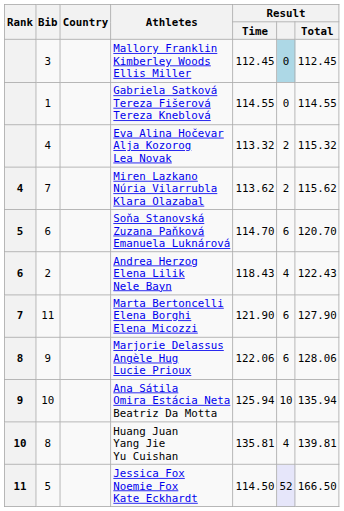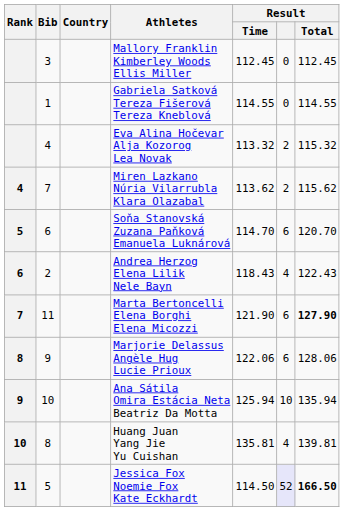 <table class="wikitable" style="text-align:center">
 <tr>
 <th rowspan=2>Rank</th>
 <th rowspan=2>Bib</th>
 <th rowspan=2>Country</th>
 <th rowspan=2>Athletes</th>
 <th colspan=3>Result</th>
 </tr>
 <tr>
 <th>Time</th>
 <th></th>
 <th>Total</th>
 </tr>
 <tr>
 <th></th>
 <td>3</td>
 <td align=left></td>
 <td align=left><a href='#'>Mallory Franklin</a><br><a href='#'>Kimberley Woods</a><br><a href='#'>Ellis Miller</a></td>
 <td>112.45</td>
-<td style="background: lightblue;">0</td>
+<td>0</td>
 <td>112.45</td>
 </tr>
 <tr>
 <th></th>
 <td>1</td>
 <td align=left></td>
 <td align=left><a href='#'>Gabriela Satková</a><br><a href='#'>Tereza Fišerová</a><br><a href='#'>Tereza Kneblová</a></td>
 <td>114.55</td>
 <td>0</td>
 <td>114.55</td>
 </tr>
 <tr>
 <th></th>
 <td>4</td>
 <td align=left></td>
 <td align=left><a href='#'>Eva Alina Hočevar</a><br><a href='#'>Alja Kozorog</a><br><a href='#'>Lea Novak</a></td>
 <td>113.32</td>
 <td>2</td>
 <td>115.32</td>
 </tr>
 <tr>
 <th>4</th>
 <td>7</td>
 <td align=left></td>
 <td align=left><a href='#'>Miren Lazkano</a><br><a href='#'>Núria Vilarrubla</a><br><a href='#'>Klara Olazabal</a></td>
 <td>113.62</td>
 <td>2</td>
 <td>115.62</td>
 </tr>
 <tr>
 <th>5</th>
 <td>6</td>
 <td align=left></td>
 <td align=left><a href='#'>Soňa Stanovská</a><br><a href='#'>Zuzana Paňková</a><br><a href='#'>Emanuela Luknárová</a></td>
 <td>114.70</td>
 <td>6</td>
 <td>120.70</td>
 </tr>
 <tr>
 <th>6</th>
 <td>2</td>
 <td align=left></td>
 <td align=left><a href='#'>Andrea Herzog</a><br><a href='#'>Elena Lilik</a><br><a href='#'>Nele Bayn</a></td>
 <td>118.43</td>
 <td>4</td>
 <td>122.43</td>
 </tr>
 <tr>
 <th>7</th>
 <td>11</td>
 <td align=left></td>
 <td align=left><a href='#'>Marta Bertoncelli</a><br><a href='#'>Elena Borghi</a><br><a href='#'>Elena Micozzi</a></td>
 <td>121.90</td>
 <td>6</td>
-<td>127.90</td>
+<td><strong>127.90</strong></td>
 </tr>
 <tr>
 <th>8</th>
 <td>9</td>
 <td align=left></td>
 <td align=left><a href='#'>Marjorie Delassus</a><br><a href='#'>Angèle Hug</a><br><a href='#'>Lucie Prioux</a></td>
 <td>122.06</td>
 <td>6</td>
 <td>128.06</td>
 </tr>
 <tr>
 <th>9</th>
 <td>10</td>
 <td align=left></td>
 <td align=left><a href='#'>Ana Sátila</a><br><a href='#'>Omira Estácia Neta</a><br>Beatriz Da Motta</td>
 <td>125.94</td>
 <td>10</td>
 <td>135.94</td>
 </tr>
 <tr>
 <th>10</th>
 <td>8</td>
 <td align=left></td>
 <td align=left>Huang Juan<br>Yang Jie<br>Yu Cuishan</td>
 <td>135.81</td>
 <td>4</td>
 <td>139.81</td>
 </tr>
 <tr>
 <th>11</th>
 <td>5</td>
 <td align=left></td>
 <td align=left><a href='#'>Jessica Fox</a><br><a href='#'>Noemie Fox</a><br><a href='#'>Kate Eckhardt</a></td>
 <td>114.50</td>
 <td style="background: lavender;">52</td>
-<td>166.50</td>
+<td><strong>166.50</strong></td>
 </tr>
 </table>
